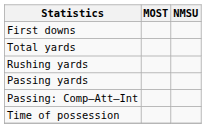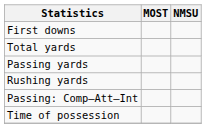 <table class="wikitable" style="float: left;">
 <tr>
 <th>Statistics</th>
 <th>MOST</th>
 <th>NMSU</th>
 </tr>
 <tr>
 <td>First downs</td>
 <td></td>
 <td></td>
 </tr>
 <tr>
 <td>Total yards</td>
 <td></td>
 <td></td>
 </tr>
 <tr>
-<td>Rushing yards</td>
+<td>Passing yards</td>
 <td></td>
 <td></td>
 </tr>
 <tr>
-<td>Passing yards</td>
+<td>Rushing yards</td>
 <td></td>
 <td></td>
 </tr>
 <tr>
 <td>Passing: Comp–Att–Int</td>
 <td></td>
 <td></td>
 </tr>
 <tr>
 <td>Time of possession</td>
 <td></td>
 <td></td>
 </tr>
 <tr>
 </tr>
 </table>
